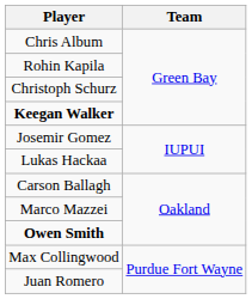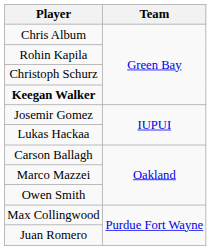 <table class="wikitable" style="text-align: center;">
 <tr>
 <th>Player</th>
 <th>Team</th>
 </tr>
 <tr>
 <td>Chris Album</td>
 <td rowspan=4><a href='#'>Green Bay</a></td>
 </tr>
 <tr>
 <td>Rohin Kapila</td>
 </tr>
 <tr>
 <td>Christoph Schurz</td>
 </tr>
 <tr>
 <td><strong>Keegan Walker</strong></td>
 </tr>
 <tr>
 <td>Josemir Gomez</td>
 <td rowspan=2><a href='#'>IUPUI</a></td>
 </tr>
 <tr>
 <td>Lukas Hackaa</td>
 </tr>
 <tr>
 <td>Carson Ballagh</td>
 <td rowspan=3><a href='#'>Oakland</a></td>
 </tr>
 <tr>
 <td>Marco Mazzei</td>
 </tr>
 <tr>
-<td><strong>Owen Smith</strong></td>
+<td>Owen Smith</td>
 </tr>
 <tr>
 <td>Max Collingwood</td>
 <td rowspan=2><a href='#'>Purdue Fort Wayne</a></td>
 </tr>
 <tr>
 <td>Juan Romero</td>
 </tr>
 </table>
